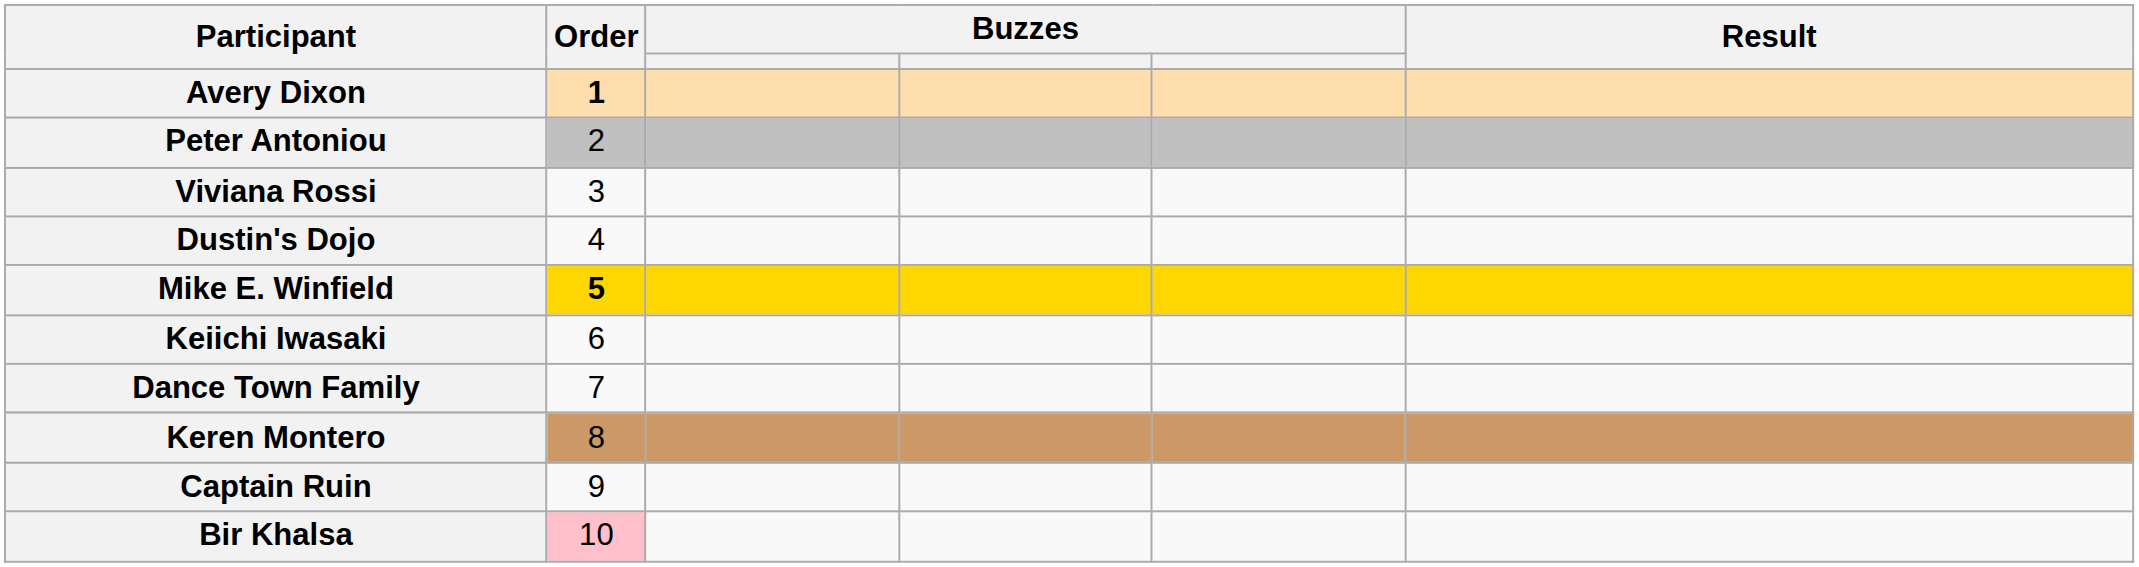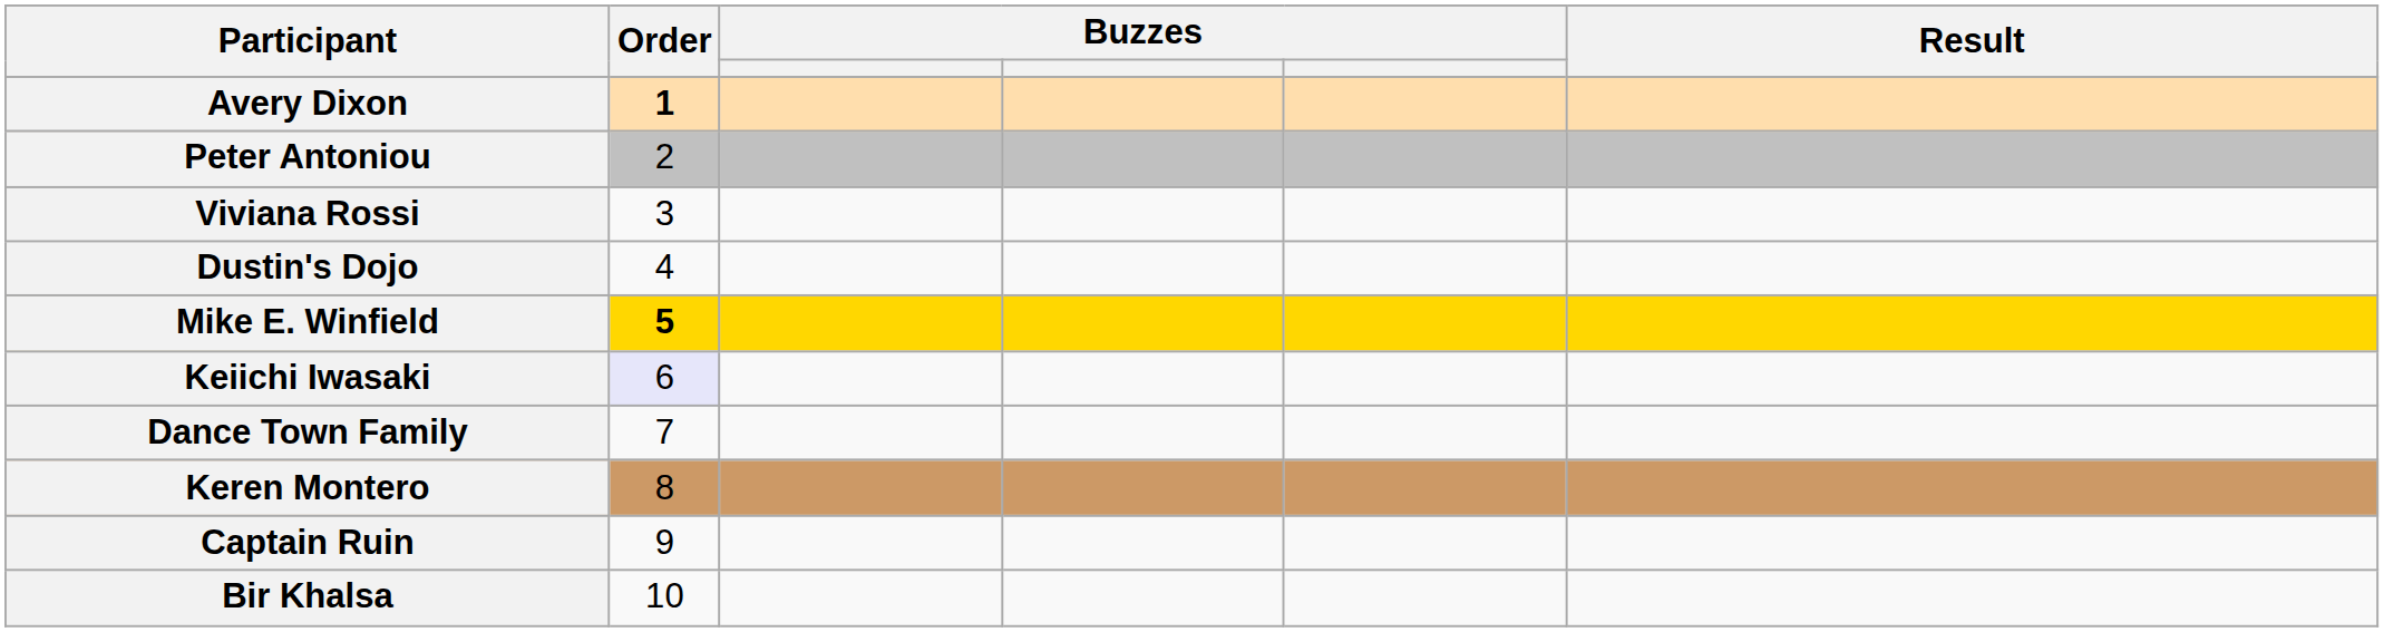 <table class="wikitable plainrowheaders sortable" style="text-align:center;">
 <tr>
 <th scope="col" rowspan="2" class="unsortable" style="width:17em;">Participant</th>
 <th scope="col" rowspan="2" style="width:1em;">Order</th>
 <th scope="col" colspan="3" class="unsortable" style="width:24em;">Buzzes</th>
 <th scope="col" rowspan="2" style="width:23em;">Result</th>
 </tr>
 <tr>
 <th scope="col" class="unsortable" style="width:6em;"></th>
 <th scope="col" class="unsortable" style="width:6em;"></th>
 <th scope="col" class="unsortable" style="width:6em;"></th>
 </tr>
 <tr bgcolor=navajowhite>
 <th scope="row"><strong>Avery Dixon</strong></th>
 <td><strong>1</strong></td>
 <td style="text-align:center;"></td>
 <td style="text-align:center;"></td>
 <td style="text-align:center;"></td>
 <td><strong></strong></td>
 </tr>
 <tr bgcolor=silver>
 <th scope="row">Peter Antoniou</th>
 <td>2</td>
 <td style="text-align:center;"></td>
 <td style="text-align:center;"></td>
 <td style="text-align:center;"></td>
 <td></td>
 </tr>
 <tr>
 <th scope="row">Viviana Rossi</th>
 <td>3</td>
 <td style="text-align:center;"></td>
 <td style="text-align:center;"></td>
 <td style="text-align:center;"></td>
 <td></td>
 </tr>
 <tr>
 <th scope="row">Dustin's Dojo</th>
 <td>4</td>
 <td style="text-align:center;"></td>
 <td style="text-align:center;"></td>
 <td style="text-align:center;"></td>
 <td></td>
 </tr>
 <tr bgcolor=gold>
 <th scope="row"><strong>Mike E. Winfield</strong></th>
 <td><strong>5</strong></td>
 <td style="text-align:center;"></td>
 <td style="text-align:center;"></td>
 <td style="text-align:center;"></td>
 <td><strong></strong></td>
 </tr>
 <tr>
 <th scope="row">Keiichi Iwasaki</th>
-<td>6</td>
+<td style="background: lavender;">6</td>
 <td style="text-align:center;"></td>
 <td style="text-align:center;"></td>
 <td style="text-align:center;"></td>
 <td></td>
 </tr>
 <tr>
 <th scope="row">Dance Town Family</th>
 <td>7</td>
 <td style="text-align:center;"></td>
 <td style="text-align:center;"></td>
 <td style="text-align:center;"></td>
 <td></td>
 </tr>
 <tr bgcolor=#c96>
 <th scope="row">Keren Montero</th>
 <td>8</td>
 <td style="text-align:center;"></td>
 <td style="text-align:center;"></td>
 <td style="text-align:center;"></td>
 <td></td>
 </tr>
 <tr>
 <th scope="row">Captain Ruin</th>
 <td>9</td>
 <td style="text-align:center;"></td>
 <td style="text-align:center;"></td>
 <td style="text-align:center;"></td>
 <td></td>
 </tr>
 <tr>
 <th scope="row">Bir Khalsa</th>
-<td style="background: pink;">10</td>
+<td>10</td>
 <td style="text-align:center;"></td>
 <td style="text-align:center;"></td>
 <td style="text-align:center;"></td>
 <td></td>
 </tr>
 </table>
